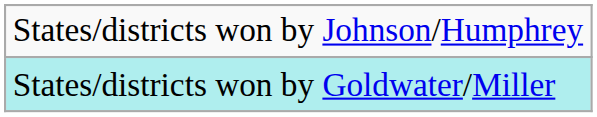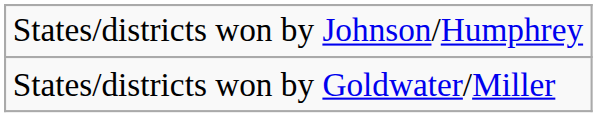 <table class="wikitable">
 <tr>
 <td>States/districts won by <a href='#'>Johnson</a>/<a href='#'>Humphrey</a></td>
 </tr>
 <tr>
-<td style="background: paleturquoise;">States/districts won by <a href='#'>Goldwater</a>/<a href='#'>Miller</a></td>
+<td>States/districts won by <a href='#'>Goldwater</a>/<a href='#'>Miller</a></td>
 </tr>
 </table>
